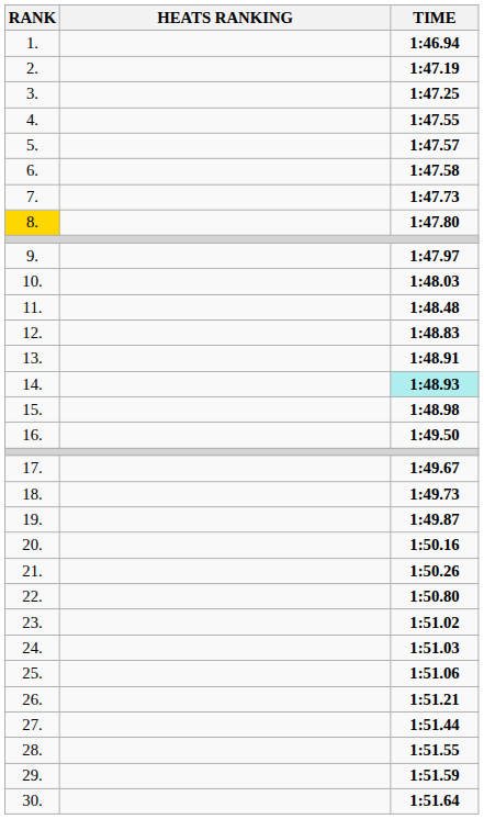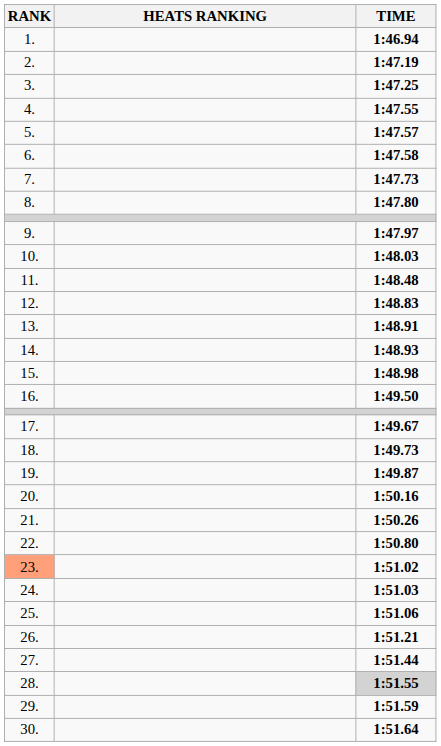 <table class="wikitable">
 <tr>
 <th>RANK</th>
 <th style="width: 20em">HEATS RANKING</th>
 <th style="width: 5em">TIME</th>
 </tr>
 <tr>
 <td align="center">1.</td>
 <td></td>
 <td align="center"><strong>1:46.94</strong></td>
 </tr>
 <tr>
 <td align="center">2.</td>
 <td></td>
 <td align="center"><strong>1:47.19</strong></td>
 </tr>
 <tr>
 <td align="center">3.</td>
 <td></td>
 <td align="center"><strong>1:47.25</strong></td>
 </tr>
 <tr>
 <td align="center">4.</td>
 <td></td>
 <td align="center"><strong>1:47.55</strong></td>
 </tr>
 <tr>
 <td align="center">5.</td>
 <td></td>
 <td align="center"><strong>1:47.57</strong></td>
 </tr>
 <tr>
 <td align="center">6.</td>
 <td></td>
 <td align="center"><strong>1:47.58</strong></td>
 </tr>
 <tr>
 <td align="center">7.</td>
 <td></td>
 <td align="center"><strong>1:47.73</strong></td>
 </tr>
 <tr>
-<td align="center" style="background: gold;">8.</td>
+<td align="center">8.</td>
 <td></td>
 <td align="center"><strong>1:47.80</strong></td>
 </tr>
 <tr>
 <td colspan=3 bgcolor=lightgray></td>
 </tr>
 <tr>
 <td align="center">9.</td>
 <td></td>
 <td align="center"><strong>1:47.97</strong></td>
 </tr>
 <tr>
 <td align="center">10.</td>
 <td></td>
 <td align="center"><strong>1:48.03</strong></td>
 </tr>
 <tr>
 <td align="center">11.</td>
 <td></td>
 <td align="center"><strong>1:48.48</strong></td>
 </tr>
 <tr>
 <td align="center">12.</td>
 <td></td>
 <td align="center"><strong>1:48.83</strong></td>
 </tr>
 <tr>
 <td align="center">13.</td>
 <td></td>
 <td align="center"><strong>1:48.91</strong></td>
 </tr>
 <tr>
 <td align="center">14.</td>
 <td></td>
-<td align="center" style="background: paleturquoise;"><strong>1:48.93</strong></td>
+<td align="center"><strong>1:48.93</strong></td>
 </tr>
 <tr>
 <td align="center">15.</td>
 <td></td>
 <td align="center"><strong>1:48.98</strong></td>
 </tr>
 <tr>
 <td align="center">16.</td>
 <td></td>
 <td align="center"><strong>1:49.50</strong></td>
 </tr>
 <tr>
 <td colspan=3 bgcolor=lightgray></td>
 </tr>
 <tr>
 <td align="center">17.</td>
 <td></td>
 <td align="center"><strong>1:49.67</strong></td>
 </tr>
 <tr>
 <td align="center">18.</td>
 <td></td>
 <td align="center"><strong>1:49.73</strong></td>
 </tr>
 <tr>
 <td align="center">19.</td>
 <td></td>
 <td align="center"><strong>1:49.87</strong></td>
 </tr>
 <tr>
 <td align="center">20.</td>
 <td></td>
 <td align="center"><strong>1:50.16</strong></td>
 </tr>
 <tr>
 <td align="center">21.</td>
 <td></td>
 <td align="center"><strong>1:50.26</strong></td>
 </tr>
 <tr>
 <td align="center">22.</td>
 <td></td>
 <td align="center"><strong>1:50.80</strong></td>
 </tr>
 <tr>
-<td align="center">23.</td>
+<td align="center" style="background: lightsalmon;">23.</td>
 <td></td>
 <td align="center"><strong>1:51.02</strong></td>
 </tr>
 <tr>
 <td align="center">24.</td>
 <td></td>
 <td align="center"><strong>1:51.03</strong></td>
 </tr>
 <tr>
 <td align="center">25.</td>
 <td></td>
 <td align="center"><strong>1:51.06</strong></td>
 </tr>
 <tr>
 <td align="center">26.</td>
 <td></td>
 <td align="center"><strong>1:51.21</strong></td>
 </tr>
 <tr>
 <td align="center">27.</td>
 <td></td>
 <td align="center"><strong>1:51.44</strong></td>
 </tr>
 <tr>
 <td align="center">28.</td>
 <td></td>
-<td align="center"><strong>1:51.55</strong></td>
+<td align="center" style="background: lightgrey;"><strong>1:51.55</strong></td>
 </tr>
 <tr>
 <td align="center">29.</td>
 <td></td>
 <td align="center"><strong>1:51.59</strong></td>
 </tr>
 <tr>
 <td align="center">30.</td>
 <td></td>
 <td align="center"><strong>1:51.64</strong></td>
 </tr>
 </table>
